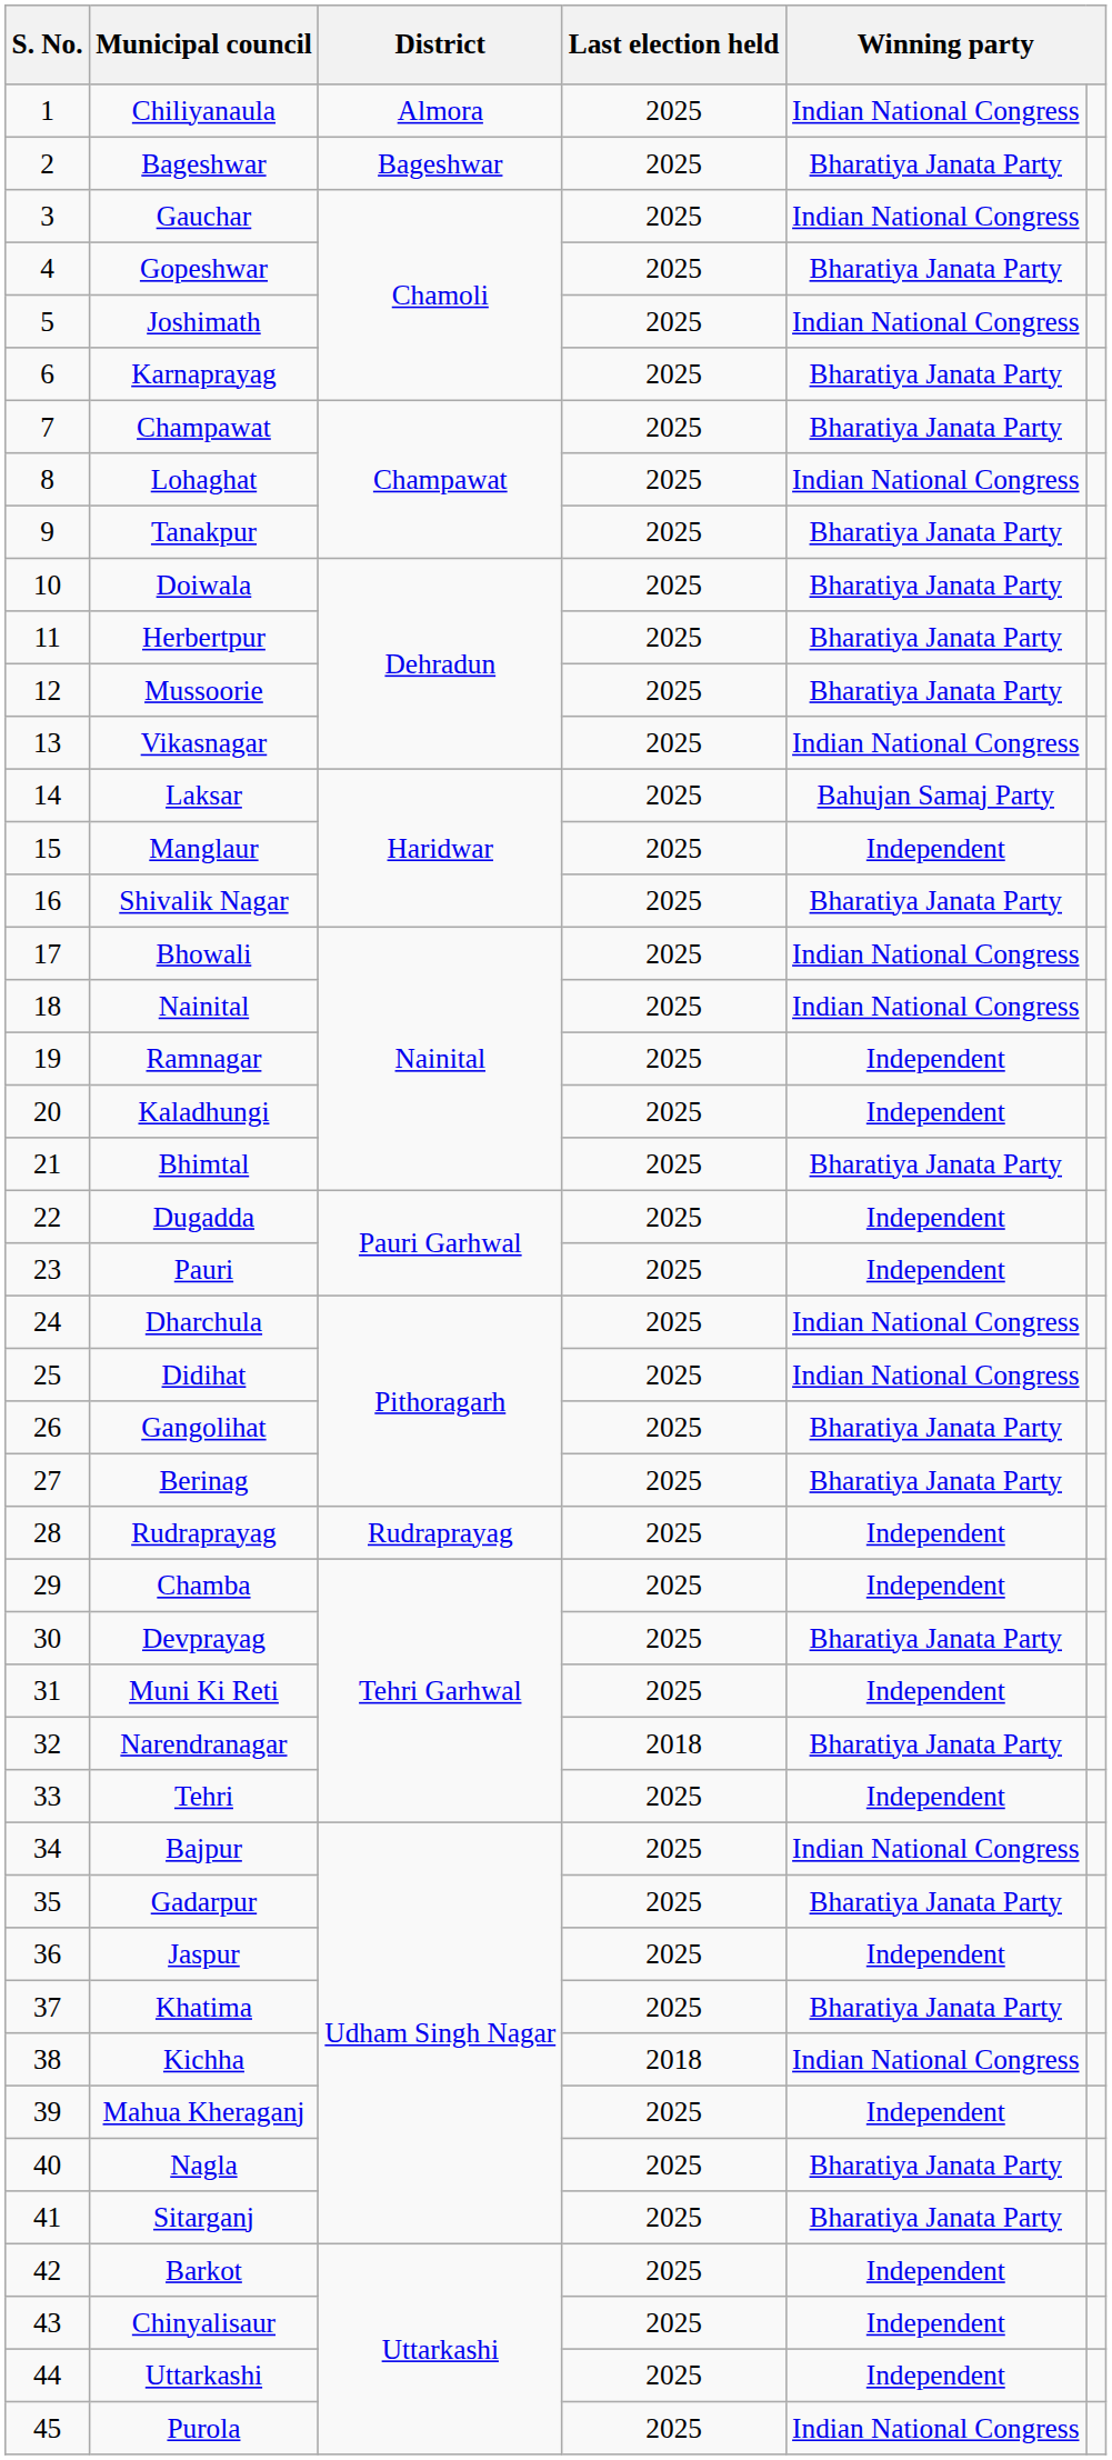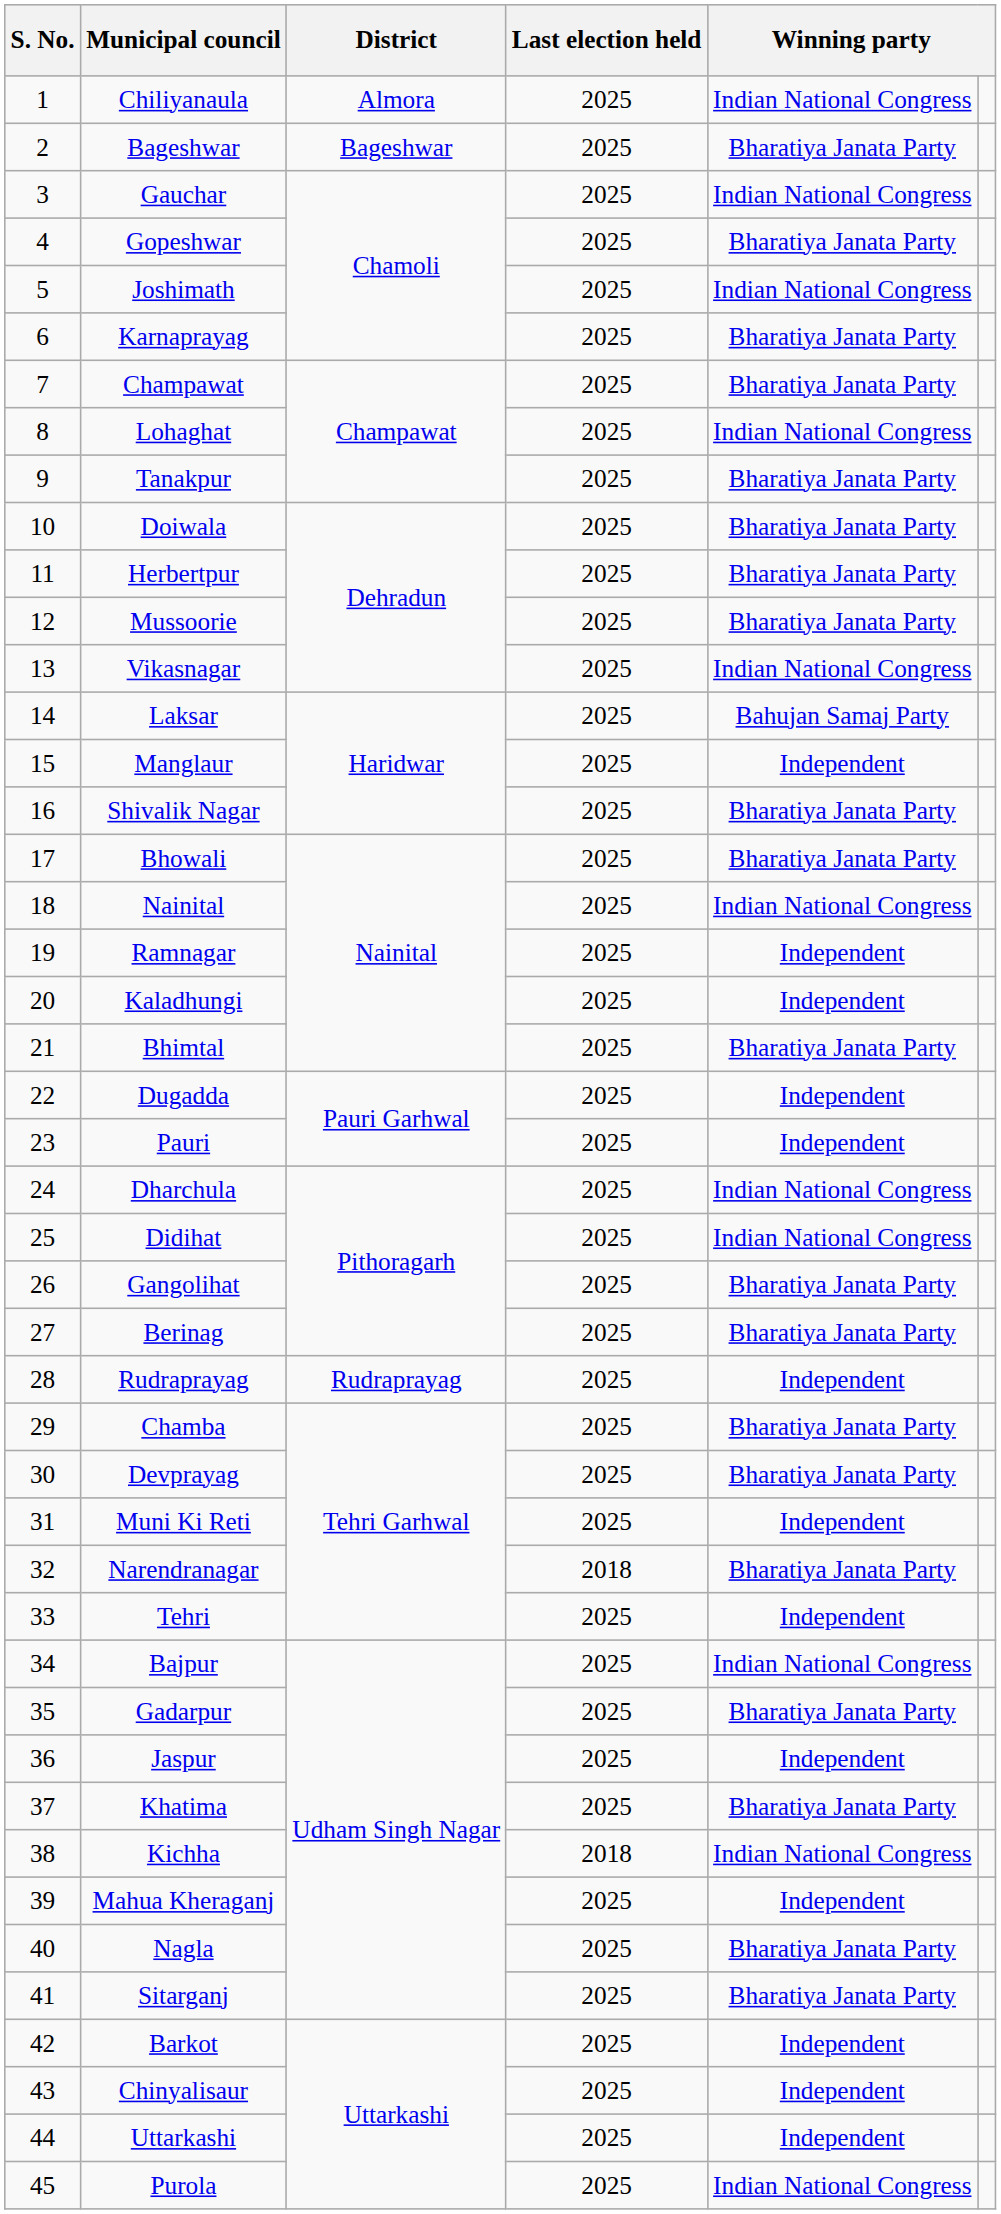 <table class="wikitable sortable">
 <tr style="text-align:center; height:45px;">
 <th scope="col">S. No.</th>
 <th>Municipal council</th>
 <th>District</th>
 <th>Last election held</th>
 <th colspan=2>Winning party</th>
 </tr>
 <tr style="text-align:center; height:30px;">
 <td>1</td>
 <td><a href='#'>Chiliyanaula</a></td>
 <td><a href='#'>Almora</a></td>
 <td>2025</td>
 <td><a href='#'>Indian National Congress</a></td>
 <td width="4px" style="background-color: "></td>
 </tr>
 <tr style="text-align:center; height:30px;">
 <td>2</td>
 <td><a href='#'>Bageshwar</a></td>
 <td><a href='#'>Bageshwar</a></td>
 <td>2025</td>
 <td><a href='#'>Bharatiya Janata Party</a></td>
 <td width="4px" style="background-color: "></td>
 </tr>
 <tr style="text-align:center; height:30px;">
 <td>3</td>
 <td><a href='#'>Gauchar</a></td>
 <td rowspan="4"><a href='#'>Chamoli</a></td>
 <td>2025</td>
 <td><a href='#'>Indian National Congress</a></td>
 <td width="4px" style="background-color: "></td>
 </tr>
 <tr style="text-align:center; height:30px;">
 <td>4</td>
 <td><a href='#'>Gopeshwar</a></td>
 <td>2025</td>
 <td><a href='#'>Bharatiya Janata Party</a></td>
 <td width="4px" style="background-color: "></td>
 </tr>
 <tr style="text-align:center; height:30px;">
 <td>5</td>
 <td><a href='#'>Joshimath</a></td>
 <td>2025</td>
 <td><a href='#'>Indian National Congress</a></td>
 <td width="4px" style="background-color: "></td>
 </tr>
 <tr style="text-align:center; height:30px;">
 <td>6</td>
 <td><a href='#'>Karnaprayag</a></td>
 <td>2025</td>
 <td><a href='#'>Bharatiya Janata Party</a></td>
 <td width="4px" style="background-color: "></td>
 </tr>
 <tr style="text-align:center; height:30px;">
 <td>7</td>
 <td><a href='#'>Champawat</a></td>
 <td rowspan="3"><a href='#'>Champawat</a></td>
 <td>2025</td>
 <td><a href='#'>Bharatiya Janata Party</a></td>
 <td width="4px" style="background-color: "></td>
 </tr>
 <tr style="text-align:center; height:30px;">
 <td>8</td>
 <td><a href='#'>Lohaghat</a></td>
 <td>2025</td>
 <td><a href='#'>Indian National Congress</a></td>
 <td width="4px" style="background-color: "></td>
 </tr>
 <tr style="text-align:center; height:30px;">
 <td>9</td>
 <td><a href='#'>Tanakpur</a></td>
 <td>2025</td>
 <td><a href='#'>Bharatiya Janata Party</a></td>
 <td width="4px" style="background-color: "></td>
 </tr>
 <tr style="text-align:center; height:30px;">
 <td>10</td>
 <td><a href='#'>Doiwala</a></td>
 <td rowspan="4"><a href='#'>Dehradun</a></td>
 <td>2025</td>
 <td><a href='#'>Bharatiya Janata Party</a></td>
 <td width="4px" style="background-color: "></td>
 </tr>
 <tr style="text-align:center; height:30px;">
 <td>11</td>
 <td><a href='#'>Herbertpur</a></td>
 <td>2025</td>
 <td><a href='#'>Bharatiya Janata Party</a></td>
 <td width="4px" style="background-color: "></td>
 </tr>
 <tr style="text-align:center; height:30px;">
 <td>12</td>
 <td><a href='#'>Mussoorie</a></td>
 <td>2025</td>
 <td><a href='#'>Bharatiya Janata Party</a></td>
 <td width="4px" style="background-color: "></td>
 </tr>
 <tr style="text-align:center; height:30px;">
 <td>13</td>
 <td><a href='#'>Vikasnagar</a></td>
 <td>2025</td>
 <td><a href='#'>Indian National Congress</a></td>
 <td width="4px" style="background-color: "></td>
 </tr>
 <tr style="text-align:center; height:30px;">
 <td>14</td>
 <td><a href='#'>Laksar</a></td>
 <td rowspan="3"><a href='#'>Haridwar</a></td>
 <td>2025</td>
 <td><a href='#'>Bahujan Samaj Party</a></td>
 <td width="4px" style="background-color: "></td>
 </tr>
 <tr style="text-align:center; height:30px;">
 <td>15</td>
 <td><a href='#'>Manglaur</a></td>
 <td>2025</td>
 <td><a href='#'>Independent</a></td>
 <td width="4px" style="background-color: "></td>
 </tr>
 <tr style="text-align:center; height:30px;">
 <td>16</td>
 <td><a href='#'>Shivalik Nagar</a></td>
 <td>2025</td>
 <td><a href='#'>Bharatiya Janata Party</a></td>
 <td width="4px" style="background-color: "></td>
 </tr>
 <tr style="text-align:center; height:30px;">
 <td>17</td>
 <td><a href='#'>Bhowali</a></td>
 <td rowspan="5"><a href='#'>Nainital</a></td>
 <td>2025</td>
-<td><a href='#'>Indian National Congress</a></td>
+<td><a href='#'>Bharatiya Janata Party</a></td>
 <td width="4px" style="background-color: "></td>
 </tr>
 <tr style="text-align:center; height:30px;">
 <td>18</td>
 <td><a href='#'>Nainital</a></td>
 <td>2025</td>
 <td><a href='#'>Indian National Congress</a></td>
 <td width="4px" style="background-color: "></td>
 </tr>
 <tr style="text-align:center; height:30px;">
 <td>19</td>
 <td><a href='#'>Ramnagar</a></td>
 <td>2025</td>
 <td><a href='#'>Independent</a></td>
 <td width="4px" style="background-color: "></td>
 </tr>
 <tr style="text-align:center; height:30px;">
 <td>20</td>
 <td><a href='#'>Kaladhungi</a></td>
 <td>2025</td>
 <td><a href='#'>Independent</a></td>
 <td width="4px" style="background-color: "></td>
 </tr>
 <tr style="text-align:center; height:30px;">
 <td>21</td>
 <td><a href='#'>Bhimtal</a></td>
 <td>2025</td>
 <td><a href='#'>Bharatiya Janata Party</a></td>
 <td width="4px" style="background-color: "></td>
 </tr>
 <tr style="text-align:center; height:30px;">
 <td>22</td>
 <td><a href='#'>Dugadda</a></td>
 <td rowspan="2"><a href='#'>Pauri Garhwal</a></td>
 <td>2025</td>
 <td><a href='#'>Independent</a></td>
 <td width="4px" style="background-color: "></td>
 </tr>
 <tr style="text-align:center; height:30px;">
 <td>23</td>
 <td><a href='#'>Pauri</a></td>
 <td>2025</td>
 <td><a href='#'>Independent</a></td>
 <td width="4px" style="background-color: "></td>
 </tr>
 <tr style="text-align:center; height:30px;">
 <td>24</td>
 <td><a href='#'>Dharchula</a></td>
 <td rowspan="4"><a href='#'>Pithoragarh</a></td>
 <td>2025</td>
 <td><a href='#'>Indian National Congress</a></td>
 <td width="4px" style="background-color: "></td>
 </tr>
 <tr style="text-align:center; height:30px;">
 <td>25</td>
 <td><a href='#'>Didihat</a></td>
 <td>2025</td>
 <td><a href='#'>Indian National Congress</a></td>
 <td width="4px" style="background-color: "></td>
 </tr>
 <tr style="text-align:center; height:30px;">
 <td>26</td>
 <td><a href='#'>Gangolihat</a></td>
 <td>2025</td>
 <td><a href='#'>Bharatiya Janata Party</a></td>
 <td width="4px" style="background-color: "></td>
 </tr>
 <tr style="text-align:center; height:30px;">
 <td>27</td>
 <td><a href='#'>Berinag</a></td>
 <td>2025</td>
 <td><a href='#'>Bharatiya Janata Party</a></td>
 <td width="4px" style="background-color: "></td>
 </tr>
 <tr style="text-align:center; height:30px;">
 <td>28</td>
 <td><a href='#'>Rudraprayag</a></td>
 <td><a href='#'>Rudraprayag</a></td>
 <td>2025</td>
 <td><a href='#'>Independent</a></td>
 <td width="4px" style="background-color: "></td>
 </tr>
 <tr style="text-align:center; height:30px;">
 <td>29</td>
 <td><a href='#'>Chamba</a></td>
 <td rowspan="5"><a href='#'>Tehri Garhwal</a></td>
 <td>2025</td>
-<td><a href='#'>Independent</a></td>
+<td><a href='#'>Bharatiya Janata Party</a></td>
 <td width="4px" style="background-color: "></td>
 </tr>
 <tr style="text-align:center; height:30px;">
 <td>30</td>
 <td><a href='#'>Devprayag</a></td>
 <td>2025</td>
 <td><a href='#'>Bharatiya Janata Party</a></td>
 <td width="4px" style="background-color: "></td>
 </tr>
 <tr style="text-align:center; height:30px;">
 <td>31</td>
 <td><a href='#'>Muni Ki Reti</a></td>
 <td>2025</td>
 <td><a href='#'>Independent</a></td>
 <td width="4px" style="background-color: "></td>
 </tr>
 <tr style="text-align:center; height:30px;">
 <td>32</td>
 <td><a href='#'>Narendranagar</a></td>
 <td>2018</td>
 <td><a href='#'>Bharatiya Janata Party</a></td>
 <td width="4px" style="background-color: "></td>
 </tr>
 <tr style="text-align:center; height:30px;">
 <td>33</td>
 <td><a href='#'>Tehri</a></td>
 <td>2025</td>
 <td><a href='#'>Independent</a></td>
 <td width="4px" style="background-color: "></td>
 </tr>
 <tr style="text-align:center; height:30px;">
 <td>34</td>
 <td><a href='#'>Bajpur</a></td>
 <td rowspan="8"><a href='#'>Udham Singh Nagar</a></td>
 <td>2025</td>
 <td><a href='#'>Indian National Congress</a></td>
 <td width="4px" style="background-color: "></td>
 </tr>
 <tr style="text-align:center; height:30px;">
 <td>35</td>
 <td><a href='#'>Gadarpur</a></td>
 <td>2025</td>
 <td><a href='#'>Bharatiya Janata Party</a></td>
 <td width="4px" style="background-color: "></td>
 </tr>
 <tr style="text-align:center; height:30px;">
 <td>36</td>
 <td><a href='#'>Jaspur</a></td>
 <td>2025</td>
 <td><a href='#'>Independent</a></td>
 <td width="4px" style="background-color: "></td>
 </tr>
 <tr style="text-align:center; height:30px;">
 <td>37</td>
 <td><a href='#'>Khatima</a></td>
 <td>2025</td>
 <td><a href='#'>Bharatiya Janata Party</a></td>
 <td width="4px" style="background-color: "></td>
 </tr>
 <tr style="text-align:center; height:30px;">
 <td>38</td>
 <td><a href='#'>Kichha</a></td>
 <td>2018</td>
 <td><a href='#'>Indian National Congress</a></td>
 <td width="4px" style="background-color: "></td>
 </tr>
 <tr style="text-align:center; height:30px;">
 <td>39</td>
 <td><a href='#'>Mahua Kheraganj</a></td>
 <td>2025</td>
 <td><a href='#'>Independent</a></td>
 <td width="4px" style="background-color: "></td>
 </tr>
 <tr style="text-align:center; height:30px;">
 <td>40</td>
 <td><a href='#'>Nagla</a></td>
 <td>2025</td>
 <td><a href='#'>Bharatiya Janata Party</a></td>
 <td width="4px" style="background-color: "></td>
 </tr>
 <tr style="text-align:center; height:30px;">
 <td>41</td>
 <td><a href='#'>Sitarganj</a></td>
 <td>2025</td>
 <td><a href='#'>Bharatiya Janata Party</a></td>
 <td width="4px" style="background-color: "></td>
 </tr>
 <tr style="text-align:center; height:30px;">
 <td>42</td>
 <td><a href='#'>Barkot</a></td>
 <td rowspan="4"><a href='#'>Uttarkashi</a></td>
 <td>2025</td>
 <td><a href='#'>Independent</a></td>
 <td width="4px" style="background-color: "></td>
 </tr>
 <tr style="text-align:center; height:30px;">
 <td>43</td>
 <td><a href='#'>Chinyalisaur</a></td>
 <td>2025</td>
 <td><a href='#'>Independent</a></td>
 <td width="4px" style="background-color: "></td>
 </tr>
 <tr style="text-align:center; height:30px;">
 <td>44</td>
 <td><a href='#'>Uttarkashi</a></td>
 <td>2025</td>
 <td><a href='#'>Independent</a></td>
 <td width="4px" style="background-color: "></td>
 </tr>
 <tr style="text-align:center; height:30px;">
 <td>45</td>
 <td><a href='#'>Purola</a></td>
 <td>2025</td>
 <td><a href='#'>Indian National Congress</a></td>
 <td width="4px" style="background-color: "></td>
 </tr>
 </table>
